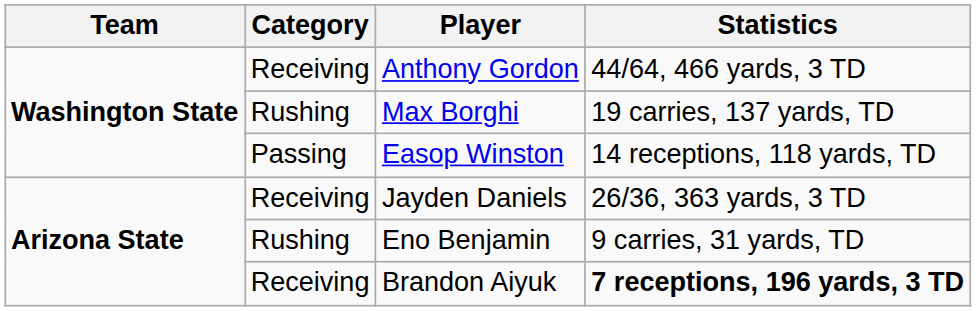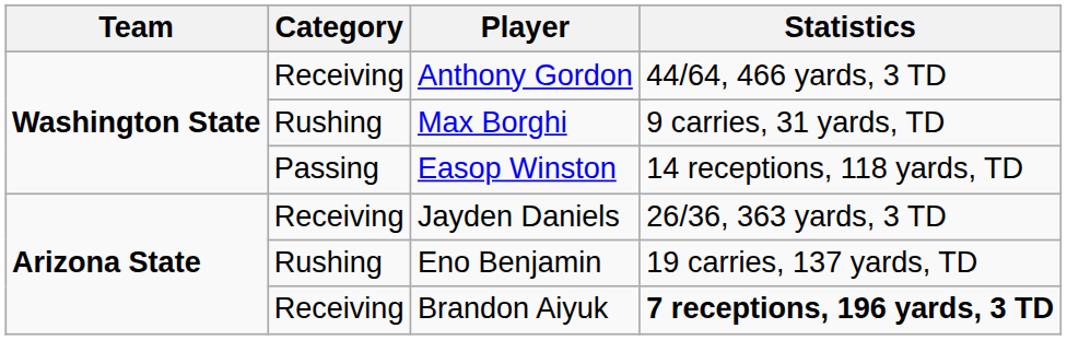 <table class="wikitable" style="float: right;">
 <tr>
 <th>Team</th>
 <th>Category</th>
 <th>Player</th>
 <th>Statistics</th>
 </tr>
 <tr>
 <td rowspan=3><strong>Washington State</strong></td>
 <td>Receiving</td>
 <td><a href='#'>Anthony Gordon</a></td>
 <td>44/64, 466 yards, 3 TD</td>
 </tr>
 <tr>
 <td>Rushing</td>
 <td><a href='#'>Max Borghi</a></td>
-<td>19 carries, 137 yards, TD</td>
+<td>9 carries, 31 yards, TD</td>
 </tr>
 <tr>
 <td>Passing</td>
 <td><a href='#'>Easop Winston</a></td>
 <td>14 receptions, 118 yards, TD</td>
 </tr>
 <tr>
 <td rowspan=3><strong>Arizona State</strong></td>
 <td>Receiving</td>
 <td>Jayden Daniels</td>
 <td>26/36, 363 yards, 3 TD</td>
 </tr>
 <tr>
 <td>Rushing</td>
 <td>Eno Benjamin</td>
-<td>9 carries, 31 yards, TD</td>
+<td>19 carries, 137 yards, TD</td>
 </tr>
 <tr>
 <td>Receiving</td>
 <td>Brandon Aiyuk</td>
 <td><strong>7 receptions, 196 yards, 3 TD</strong></td>
 </tr>
 </table>
